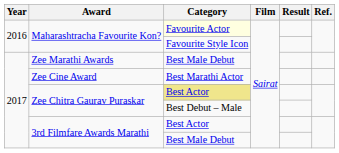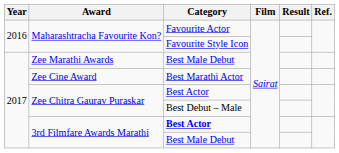 <table class="wikitable">
 <tr>
 <th>Year</th>
 <th>Award</th>
 <th>Category</th>
 <th>Film</th>
 <th>Result</th>
 <th>Ref.</th>
 </tr>
 <tr>
 <td rowspan="2">2016</td>
 <td rowspan="2"><a href='#'>Maharashtracha Favourite Kon?</a></td>
-<td style="background: lightyellow;"><a href='#'>Favourite Actor</a></td>
+<td><a href='#'>Favourite Actor</a></td>
 <td rowspan="8"><em><a href='#'>Sairat</a></em></td>
 <td></td>
 <td rowspan="2"></td>
 </tr>
 <tr>
 <td><a href='#'>Favourite Style Icon</a></td>
 <td></td>
 </tr>
 <tr>
 <td rowspan="6">2017</td>
 <td><a href='#'>Zee Marathi Awards</a></td>
 <td><a href='#'>Best Male Debut</a></td>
 <td></td>
 <td></td>
 </tr>
 <tr>
 <td><a href='#'>Zee Cine Award</a></td>
 <td><a href='#'>Best Marathi Actor</a></td>
 <td></td>
 <td></td>
 </tr>
 <tr>
 <td rowspan="2"><a href='#'>Zee Chitra Gaurav Puraskar</a></td>
-<td style="background: khaki;"><a href='#'>Best Actor</a></td>
+<td><a href='#'>Best Actor</a></td>
 <td></td>
 <td rowspan="2"></td>
 </tr>
 <tr>
 <td>Best Debut – Male</td>
 <td></td>
 </tr>
 <tr>
 <td rowspan="2"><a href='#'>3rd Filmfare Awards Marathi</a></td>
-<td><a href='#'>Best Actor</a></td>
+<td><strong><a href='#'>Best Actor</a></strong></td>
 <td></td>
 <td rowspan="2"></td>
 </tr>
 <tr>
 <td><a href='#'>Best Male Debut</a></td>
 <td></td>
 </tr>
 </table>
